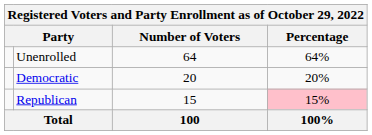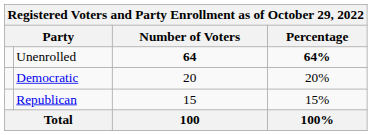 <table class=wikitable>
 <tr>
 <th colspan = 6>Registered Voters and Party Enrollment as of October 29, 2022</th>
 </tr>
 <tr>
 <th colspan = 2>Party</th>
 <th>Number of Voters</th>
 <th>Percentage</th>
 </tr>
 <tr>
 <td></td>
 <td>Unenrolled</td>
-<td style="text-align:center;">64</td>
-<td style="text-align:center;">64%</td>
+<td style="text-align:center;"><strong>64</strong></td>
+<td style="text-align:center;"><strong>64%</strong></td>
 </tr>
 <tr>
 <td></td>
 <td><a href='#'>Democratic</a></td>
 <td style="text-align:center;">20</td>
 <td style="text-align:center;">20%</td>
 </tr>
 <tr>
 <td></td>
 <td><a href='#'>Republican</a></td>
 <td style="text-align:center;">15</td>
-<td style="background: pink; text-align:center;">15%</td>
+<td style="text-align:center;">15%</td>
 </tr>
 <tr>
 <th colspan = 2>Total</th>
 <th style="text-align:center;">100</th>
 <th style="text-align:center;">100%</th>
 </tr>
 </table>
